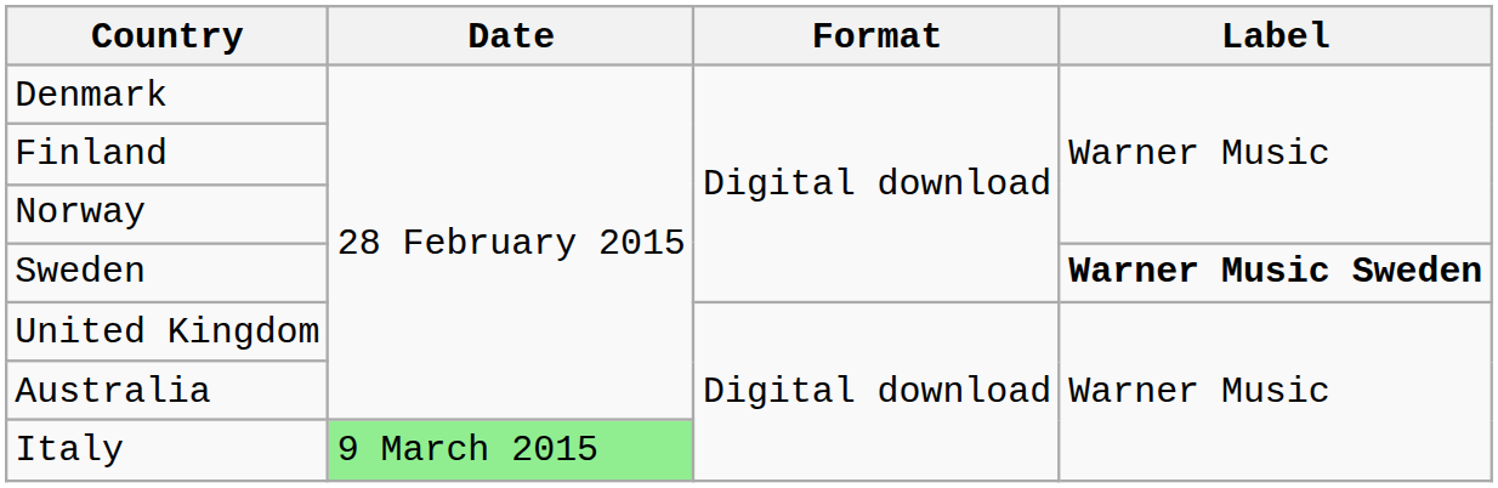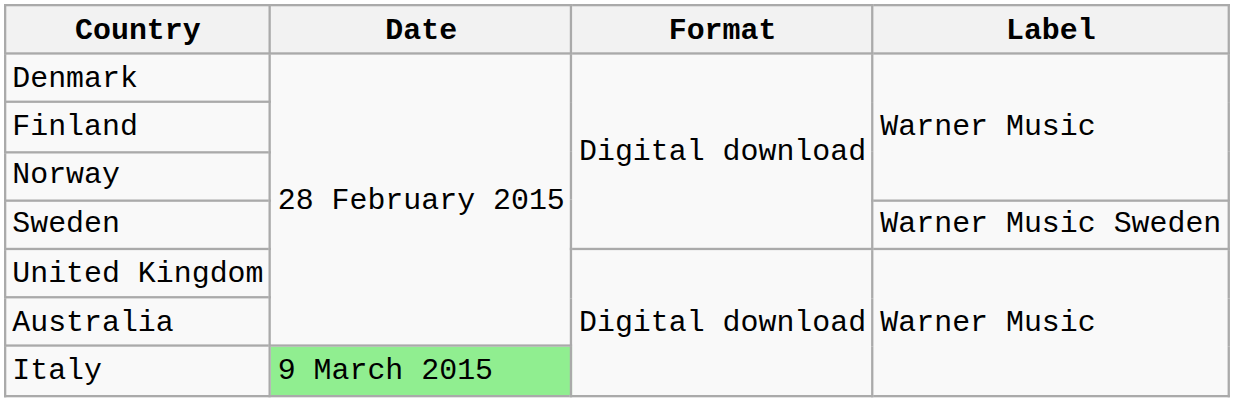 <table class="wikitable sortable plainrowheaders">
 <tr>
 <th scope="col">Country</th>
 <th scope="col">Date</th>
 <th scope="col">Format</th>
 <th scope="col">Label</th>
 </tr>
 <tr>
 <td>Denmark</td>
 <td rowspan="6">28 February 2015</td>
 <td rowspan="4">Digital download</td>
 <td rowspan="3">Warner Music</td>
 </tr>
 <tr>
 <td>Finland</td>
 </tr>
 <tr>
 <td>Norway</td>
 </tr>
 <tr>
 <td>Sweden</td>
-<td><strong>Warner Music Sweden</strong></td>
+<td>Warner Music Sweden</td>
 </tr>
 <tr>
 <td>United Kingdom</td>
 <td rowspan="3">Digital download</td>
 <td rowspan="3">Warner Music</td>
 </tr>
 <tr>
 <td>Australia</td>
 </tr>
 <tr>
 <td>Italy</td>
 <td style="background: lightgreen;">9 March 2015</td>
 </tr>
 </table>
